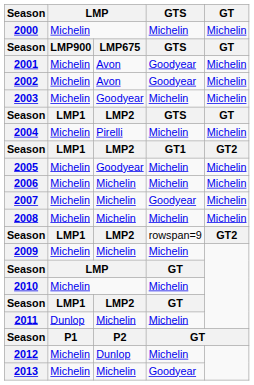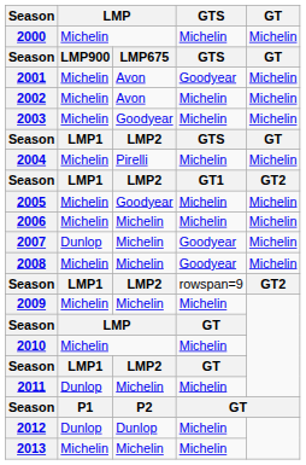 <table class="wikitable" style="font-size: 90%;">
 <tr>
 <th>Season</th>
 <th colspan=2>LMP</th>
 <th>GTS</th>
 <th>GT</th>
 </tr>
 <tr>
 <th><a href='#'>2000</a></th>
 <td colspan=2> <a href='#'>Michelin</a></td>
 <td> <a href='#'>Michelin</a></td>
 <td> <a href='#'>Michelin</a></td>
 </tr>
 <tr>
 <th>Season</th>
 <th>LMP900</th>
 <th>LMP675</th>
 <th>GTS</th>
 <th>GT</th>
 </tr>
 <tr>
 <th><a href='#'>2001</a></th>
 <td> <a href='#'>Michelin</a></td>
 <td> <a href='#'>Avon</a></td>
 <td> <a href='#'>Goodyear</a></td>
 <td> <a href='#'>Michelin</a></td>
 </tr>
 <tr>
 <th><a href='#'>2002</a></th>
 <td> <a href='#'>Michelin</a></td>
 <td> <a href='#'>Avon</a></td>
-<td> <a href='#'>Goodyear</a></td>
+<td> <a href='#'>Michelin</a></td>
 <td> <a href='#'>Michelin</a></td>
 </tr>
 <tr>
 <th><a href='#'>2003</a></th>
 <td> <a href='#'>Michelin</a></td>
 <td> <a href='#'>Goodyear</a></td>
 <td> <a href='#'>Michelin</a></td>
 <td> <a href='#'>Michelin</a></td>
 </tr>
 <tr>
 <th>Season</th>
 <th>LMP1</th>
 <th>LMP2</th>
 <th>GTS</th>
 <th>GT</th>
 </tr>
 <tr>
 <th><a href='#'>2004</a></th>
 <td> <a href='#'>Michelin</a></td>
 <td> <a href='#'>Pirelli</a></td>
 <td> <a href='#'>Michelin</a></td>
 <td> <a href='#'>Michelin</a></td>
 </tr>
 <tr>
 <th>Season</th>
 <th>LMP1</th>
 <th>LMP2</th>
 <th>GT1</th>
 <th>GT2</th>
 </tr>
 <tr>
 <th><a href='#'>2005</a></th>
 <td> <a href='#'>Michelin</a></td>
 <td> <a href='#'>Goodyear</a></td>
 <td> <a href='#'>Michelin</a></td>
 <td> <a href='#'>Michelin</a></td>
 </tr>
 <tr>
 <th><a href='#'>2006</a></th>
 <td> <a href='#'>Michelin</a></td>
 <td> <a href='#'>Michelin</a></td>
 <td> <a href='#'>Michelin</a></td>
 <td> <a href='#'>Michelin</a></td>
 </tr>
 <tr>
 <th><a href='#'>2007</a></th>
-<td> <a href='#'>Michelin</a></td>
+<td> <a href='#'>Dunlop</a></td>
 <td> <a href='#'>Michelin</a></td>
 <td> <a href='#'>Goodyear</a></td>
 <td> <a href='#'>Michelin</a></td>
 </tr>
 <tr>
 <th><a href='#'>2008</a></th>
 <td> <a href='#'>Michelin</a></td>
 <td> <a href='#'>Michelin</a></td>
-<td> <a href='#'>Michelin</a></td>
+<td> <a href='#'>Goodyear</a></td>
 <td> <a href='#'>Michelin</a></td>
 </tr>
 <tr>
 <th>Season</th>
 <th>LMP1</th>
 <th>LMP2</th>
 <td>rowspan=9 </td>
 <th>GT2</th>
 </tr>
 <tr>
 <th><a href='#'>2009</a></th>
 <td> <a href='#'>Michelin</a></td>
 <td> <a href='#'>Michelin</a></td>
 <td> <a href='#'>Michelin</a></td>
 </tr>
 <tr>
 <th>Season</th>
 <th colspan=2>LMP</th>
 <th>GT</th>
 </tr>
 <tr>
 <th><a href='#'>2010</a></th>
 <td colspan=2> <a href='#'>Michelin</a></td>
 <td> <a href='#'>Michelin</a></td>
 </tr>
 <tr>
 <th>Season</th>
 <th>LMP1</th>
 <th>LMP2</th>
 <th>GT</th>
 </tr>
 <tr>
 <th><a href='#'>2011</a></th>
 <td> <a href='#'>Dunlop</a></td>
 <td> <a href='#'>Michelin</a></td>
 <td> <a href='#'>Michelin</a></td>
 </tr>
 <tr>
 <th>Season</th>
 <th>P1</th>
 <th>P2</th>
 <th colspan=2>GT</th>
 </tr>
 <tr>
 <th><a href='#'>2012</a></th>
-<td> <a href='#'>Michelin</a></td>
+<td> <a href='#'>Dunlop</a></td>
 <td> <a href='#'>Dunlop</a></td>
 <td> <a href='#'>Michelin</a></td>
 </tr>
 <tr>
 <th><a href='#'>2013</a></th>
 <td> <a href='#'>Michelin</a></td>
 <td> <a href='#'>Michelin</a></td>
-<td> <a href='#'>Goodyear</a></td>
+<td> <a href='#'>Michelin</a></td>
 </tr>
 </table>
